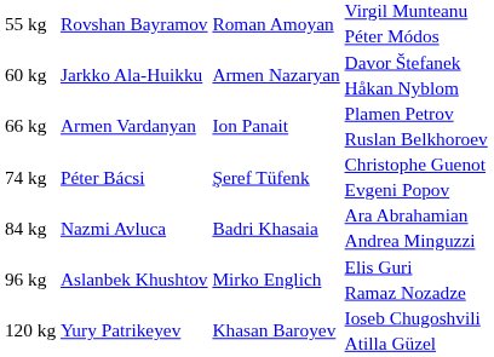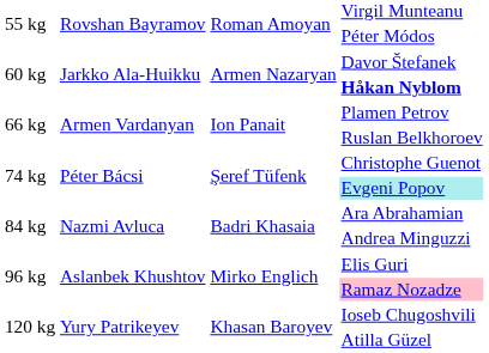 <table>
 <tr>
 <td rowspan=2>55 kg</td>
 <td rowspan=2> <a href='#'>Rovshan Bayramov</a></td>
 <td rowspan=2> <a href='#'>Roman Amoyan</a></td>
 <td> <a href='#'>Virgil Munteanu</a></td>
 </tr>
 <tr>
 <td> <a href='#'>Péter Módos</a></td>
 </tr>
 <tr>
 <td rowspan=2>60 kg</td>
 <td rowspan=2> <a href='#'>Jarkko Ala-Huikku</a></td>
 <td rowspan=2> <a href='#'>Armen Nazaryan</a></td>
 <td> <a href='#'>Davor Štefanek</a></td>
 </tr>
 <tr>
-<td> <a href='#'>Håkan Nyblom</a></td>
+<td><strong> <a href='#'>Håkan Nyblom</a></strong></td>
 </tr>
 <tr>
 <td rowspan=2>66 kg</td>
 <td rowspan=2> <a href='#'>Armen Vardanyan</a></td>
 <td rowspan=2> <a href='#'>Ion Panait</a></td>
 <td> <a href='#'>Plamen Petrov</a></td>
 </tr>
 <tr>
 <td> <a href='#'>Ruslan Belkhoroev</a></td>
 </tr>
 <tr>
 <td rowspan=2>74 kg</td>
 <td rowspan=2> <a href='#'>Péter Bácsi</a></td>
 <td rowspan=2> <a href='#'>Şeref Tüfenk</a></td>
 <td> <a href='#'>Christophe Guenot</a></td>
 </tr>
 <tr>
-<td> <a href='#'>Evgeni Popov</a></td>
+<td style="background: paleturquoise;"> <a href='#'>Evgeni Popov</a></td>
 </tr>
 <tr>
 <td rowspan=2>84 kg</td>
 <td rowspan=2> <a href='#'>Nazmi Avluca</a></td>
 <td rowspan=2> <a href='#'>Badri Khasaia</a></td>
 <td> <a href='#'>Ara Abrahamian</a></td>
 </tr>
 <tr>
 <td> <a href='#'>Andrea Minguzzi</a></td>
 </tr>
 <tr>
 <td rowspan=2>96 kg</td>
 <td rowspan=2> <a href='#'>Aslanbek Khushtov</a></td>
 <td rowspan=2> <a href='#'>Mirko Englich</a></td>
 <td> <a href='#'>Elis Guri</a></td>
 </tr>
 <tr>
-<td> <a href='#'>Ramaz Nozadze</a></td>
+<td style="background: pink;"> <a href='#'>Ramaz Nozadze</a></td>
 </tr>
 <tr>
 <td rowspan=2>120 kg</td>
 <td rowspan=2> <a href='#'>Yury Patrikeyev</a></td>
 <td rowspan=2> <a href='#'>Khasan Baroyev</a></td>
 <td> <a href='#'>Ioseb Chugoshvili</a></td>
 </tr>
 <tr>
 <td> <a href='#'>Atilla Güzel</a></td>
 </tr>
 </table>
